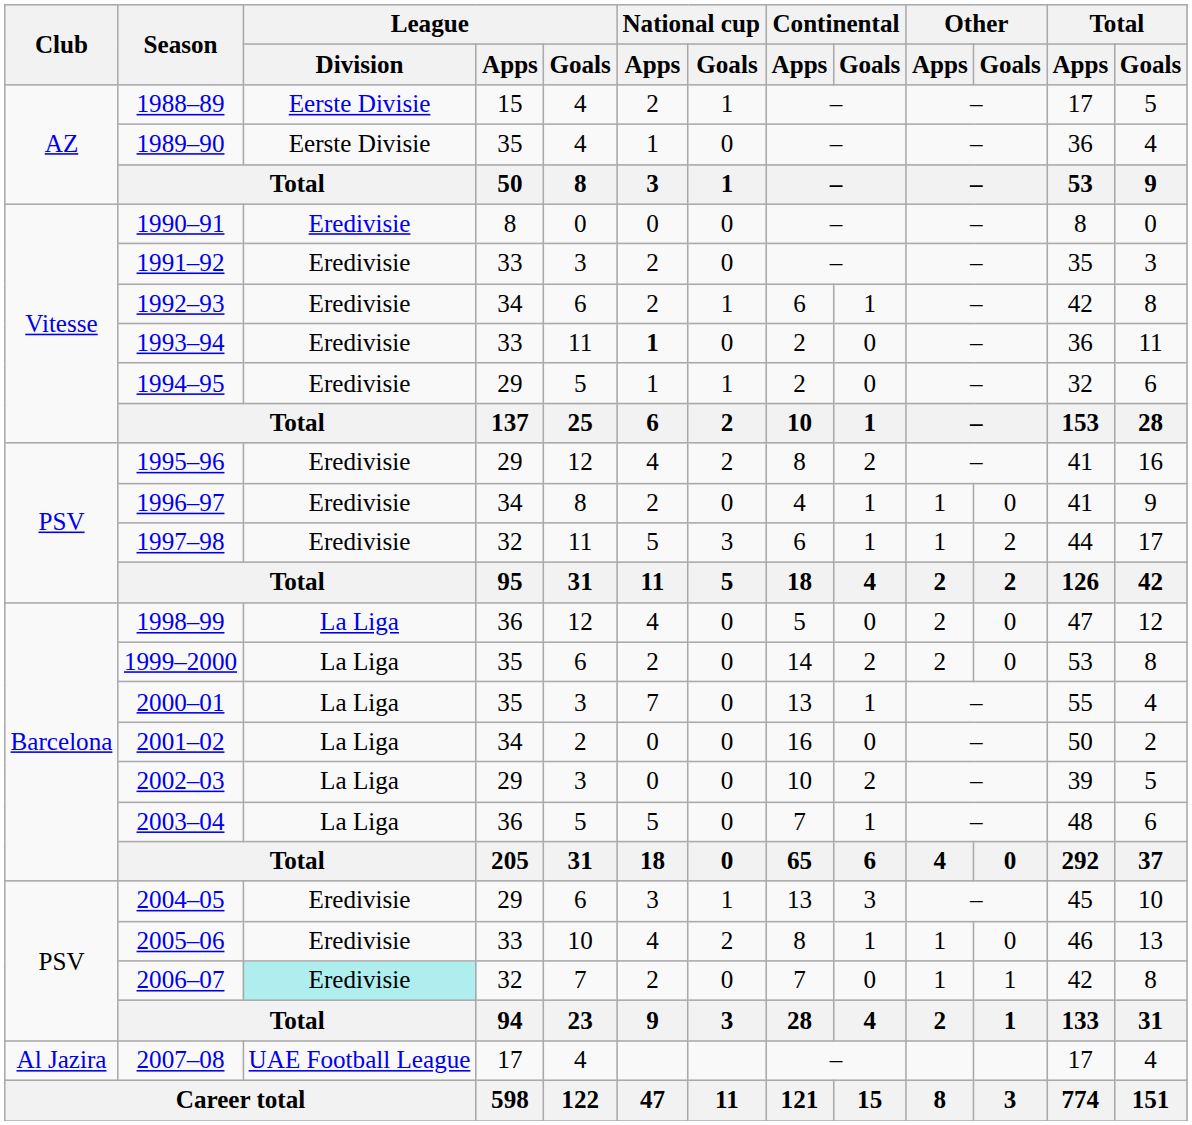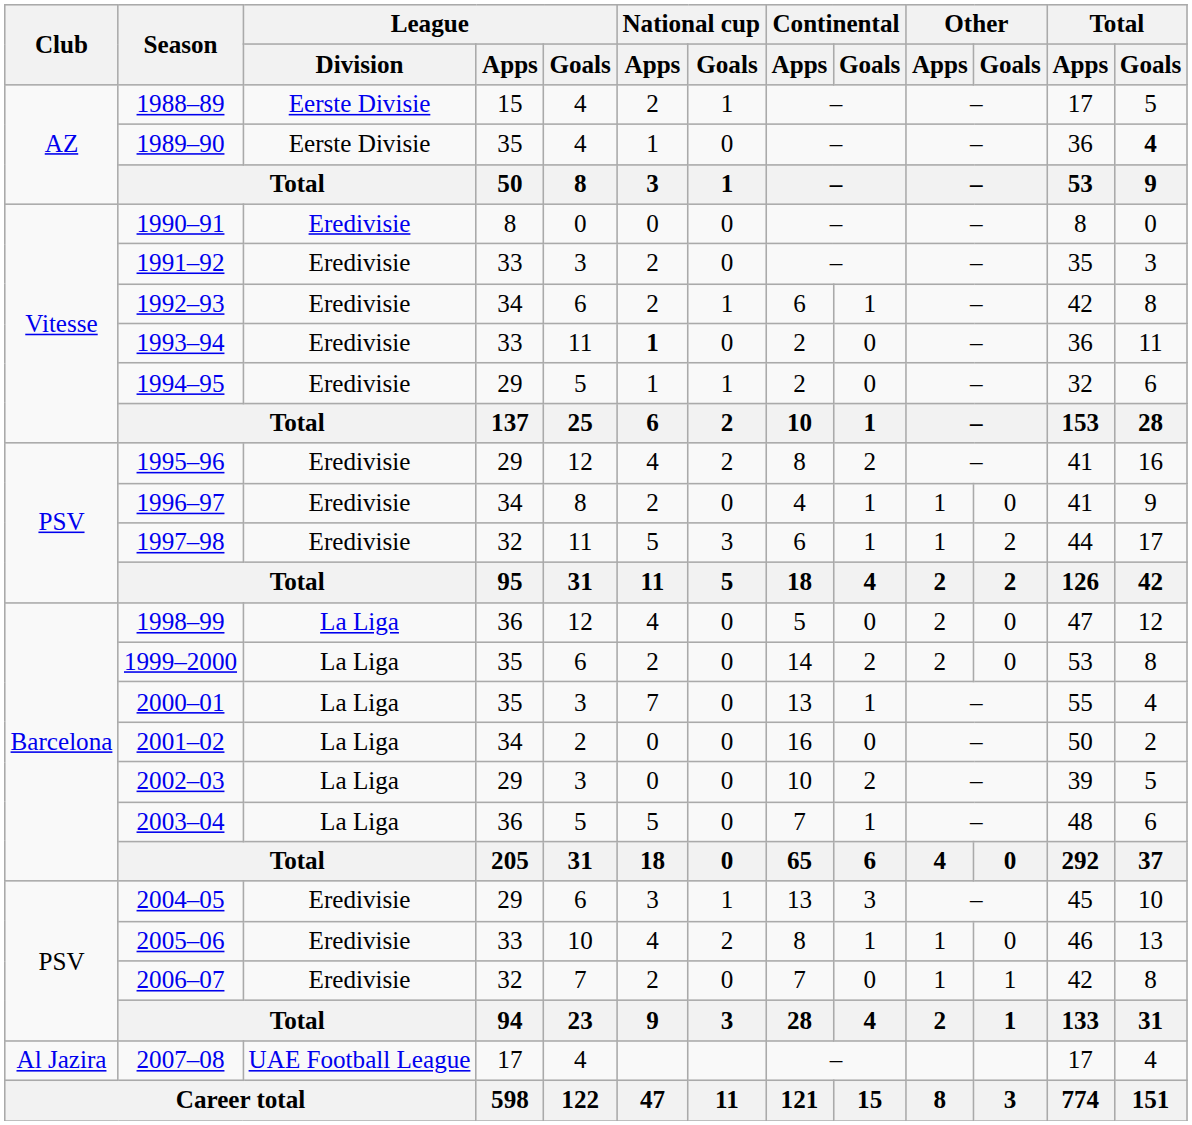 <table class="wikitable" style="text-align:center">
 <tr>
 <th rowspan="2">Club</th>
 <th rowspan="2">Season</th>
 <th colspan="3">League</th>
 <th colspan="2">National cup</th>
 <th colspan="2">Continental</th>
 <th colspan="2">Other</th>
 <th colspan="2">Total</th>
 </tr>
 <tr>
 <th>Division</th>
 <th>Apps</th>
 <th>Goals</th>
 <th>Apps</th>
 <th>Goals</th>
 <th>Apps</th>
 <th>Goals</th>
 <th>Apps</th>
 <th>Goals</th>
 <th>Apps</th>
 <th>Goals</th>
 </tr>
 <tr>
 <td rowspan="3"><a href='#'>AZ</a></td>
 <td><a href='#'>1988–89</a></td>
 <td><a href='#'>Eerste Divisie</a></td>
 <td>15</td>
 <td>4</td>
 <td>2</td>
 <td>1</td>
 <td colspan="2">–</td>
 <td colspan="2">–</td>
 <td>17</td>
 <td>5</td>
 </tr>
 <tr>
 <td><a href='#'>1989–90</a></td>
 <td>Eerste Divisie</td>
 <td>35</td>
 <td>4</td>
 <td>1</td>
 <td>0</td>
 <td colspan="2">–</td>
 <td colspan="2">–</td>
 <td>36</td>
-<td>4</td>
+<td><strong>4</strong></td>
 </tr>
 <tr>
 <th colspan="2">Total</th>
 <th>50</th>
 <th>8</th>
 <th>3</th>
 <th>1</th>
 <th colspan="2">–</th>
 <th colspan="2">–</th>
 <th>53</th>
 <th>9</th>
 </tr>
 <tr>
 <td rowspan="6"><a href='#'>Vitesse</a></td>
 <td><a href='#'>1990–91</a></td>
 <td><a href='#'>Eredivisie</a></td>
 <td>8</td>
 <td>0</td>
 <td>0</td>
 <td>0</td>
 <td colspan="2">–</td>
 <td colspan="2">–</td>
 <td>8</td>
 <td>0</td>
 </tr>
 <tr>
 <td><a href='#'>1991–92</a></td>
 <td>Eredivisie</td>
 <td>33</td>
 <td>3</td>
 <td>2</td>
 <td>0</td>
 <td colspan="2">–</td>
 <td colspan="2">–</td>
 <td>35</td>
 <td>3</td>
 </tr>
 <tr>
 <td><a href='#'>1992–93</a></td>
 <td>Eredivisie</td>
 <td>34</td>
 <td>6</td>
 <td>2</td>
 <td>1</td>
 <td>6</td>
 <td>1</td>
 <td colspan="2">–</td>
 <td>42</td>
 <td>8</td>
 </tr>
 <tr>
 <td><a href='#'>1993–94</a></td>
 <td>Eredivisie</td>
 <td>33</td>
 <td>11</td>
 <td><strong>1</strong></td>
 <td>0</td>
 <td>2</td>
 <td>0</td>
 <td colspan="2">–</td>
 <td>36</td>
 <td>11</td>
 </tr>
 <tr>
 <td><a href='#'>1994–95</a></td>
 <td>Eredivisie</td>
 <td>29</td>
 <td>5</td>
 <td>1</td>
 <td>1</td>
 <td>2</td>
 <td>0</td>
 <td colspan="2">–</td>
 <td>32</td>
 <td>6</td>
 </tr>
 <tr>
 <th colspan="2">Total</th>
 <th>137</th>
 <th>25</th>
 <th>6</th>
 <th>2</th>
 <th>10</th>
 <th>1</th>
 <th colspan="2">–</th>
 <th>153</th>
 <th>28</th>
 </tr>
 <tr>
 <td rowspan="4"><a href='#'>PSV</a></td>
 <td><a href='#'>1995–96</a></td>
 <td>Eredivisie</td>
 <td>29</td>
 <td>12</td>
 <td>4</td>
 <td>2</td>
 <td>8</td>
 <td>2</td>
 <td colspan="2">–</td>
 <td>41</td>
 <td>16</td>
 </tr>
 <tr>
 <td><a href='#'>1996–97</a></td>
 <td>Eredivisie</td>
 <td>34</td>
 <td>8</td>
 <td>2</td>
 <td>0</td>
 <td>4</td>
 <td>1</td>
 <td>1</td>
 <td>0</td>
 <td>41</td>
 <td>9</td>
 </tr>
 <tr>
 <td><a href='#'>1997–98</a></td>
 <td>Eredivisie</td>
 <td>32</td>
 <td>11</td>
 <td>5</td>
 <td>3</td>
 <td>6</td>
 <td>1</td>
 <td>1</td>
 <td>2</td>
 <td>44</td>
 <td>17</td>
 </tr>
 <tr>
 <th colspan="2">Total</th>
 <th>95</th>
 <th>31</th>
 <th>11</th>
 <th>5</th>
 <th>18</th>
 <th>4</th>
 <th>2</th>
 <th>2</th>
 <th>126</th>
 <th>42</th>
 </tr>
 <tr>
 <td rowspan="7"><a href='#'>Barcelona</a></td>
 <td><a href='#'>1998–99</a></td>
 <td><a href='#'>La Liga</a></td>
 <td>36</td>
 <td>12</td>
 <td>4</td>
 <td>0</td>
 <td>5</td>
 <td>0</td>
 <td>2</td>
 <td>0</td>
 <td>47</td>
 <td>12</td>
 </tr>
 <tr>
 <td><a href='#'>1999–2000</a></td>
 <td>La Liga</td>
 <td>35</td>
 <td>6</td>
 <td>2</td>
 <td>0</td>
 <td>14</td>
 <td>2</td>
 <td>2</td>
 <td>0</td>
 <td>53</td>
 <td>8</td>
 </tr>
 <tr>
 <td><a href='#'>2000–01</a></td>
 <td>La Liga</td>
 <td>35</td>
 <td>3</td>
 <td>7</td>
 <td>0</td>
 <td>13</td>
 <td>1</td>
 <td colspan="2">–</td>
 <td>55</td>
 <td>4</td>
 </tr>
 <tr>
 <td><a href='#'>2001–02</a></td>
 <td>La Liga</td>
 <td>34</td>
 <td>2</td>
 <td>0</td>
 <td>0</td>
 <td>16</td>
 <td>0</td>
 <td colspan="2">–</td>
 <td>50</td>
 <td>2</td>
 </tr>
 <tr>
 <td><a href='#'>2002–03</a></td>
 <td>La Liga</td>
 <td>29</td>
 <td>3</td>
 <td>0</td>
 <td>0</td>
 <td>10</td>
 <td>2</td>
 <td colspan="2">–</td>
 <td>39</td>
 <td>5</td>
 </tr>
 <tr>
 <td><a href='#'>2003–04</a></td>
 <td>La Liga</td>
 <td>36</td>
 <td>5</td>
 <td>5</td>
 <td>0</td>
 <td>7</td>
 <td>1</td>
 <td colspan="2">–</td>
 <td>48</td>
 <td>6</td>
 </tr>
 <tr>
 <th colspan="2">Total</th>
 <th>205</th>
 <th>31</th>
 <th>18</th>
 <th>0</th>
 <th>65</th>
 <th>6</th>
 <th>4</th>
 <th>0</th>
 <th>292</th>
 <th>37</th>
 </tr>
 <tr>
 <td rowspan="4">PSV</td>
 <td><a href='#'>2004–05</a></td>
 <td>Eredivisie</td>
 <td>29</td>
 <td>6</td>
 <td>3</td>
 <td>1</td>
 <td>13</td>
 <td>3</td>
 <td colspan="2">–</td>
 <td>45</td>
 <td>10</td>
 </tr>
 <tr>
 <td><a href='#'>2005–06</a></td>
 <td>Eredivisie</td>
 <td>33</td>
 <td>10</td>
 <td>4</td>
 <td>2</td>
 <td>8</td>
 <td>1</td>
 <td>1</td>
 <td>0</td>
 <td>46</td>
 <td>13</td>
 </tr>
 <tr>
 <td><a href='#'>2006–07</a></td>
-<td style="background: paleturquoise;">Eredivisie</td>
+<td>Eredivisie</td>
 <td>32</td>
 <td>7</td>
 <td>2</td>
 <td>0</td>
 <td>7</td>
 <td>0</td>
 <td>1</td>
 <td>1</td>
 <td>42</td>
 <td>8</td>
 </tr>
 <tr>
 <th colspan="2">Total</th>
 <th>94</th>
 <th>23</th>
 <th>9</th>
 <th>3</th>
 <th>28</th>
 <th>4</th>
 <th>2</th>
 <th>1</th>
 <th>133</th>
 <th>31</th>
 </tr>
 <tr>
 <td><a href='#'>Al Jazira</a></td>
 <td><a href='#'>2007–08</a></td>
 <td><a href='#'>UAE Football League</a></td>
 <td>17</td>
 <td>4</td>
 <td></td>
 <td></td>
 <td colspan="2">–</td>
 <td></td>
 <td></td>
 <td>17</td>
 <td>4</td>
 </tr>
 <tr>
 <th colspan="3">Career total</th>
 <th>598</th>
 <th>122</th>
 <th>47</th>
 <th>11</th>
 <th>121</th>
 <th>15</th>
 <th>8</th>
 <th>3</th>
 <th>774</th>
 <th>151</th>
 </tr>
 </table>
